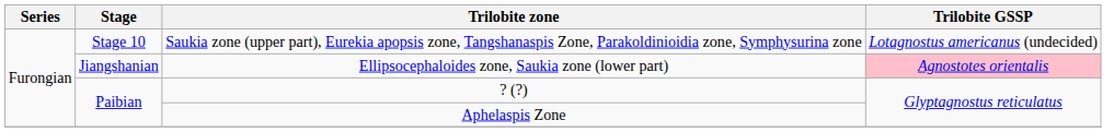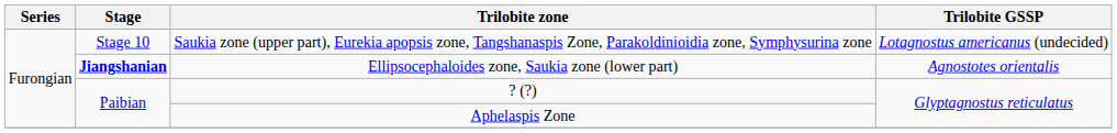 <table class="wikitable" style="text-align:center;">
 <tr>
 <th>Series</th>
 <th>Stage</th>
 <th>Trilobite zone</th>
 <th>Trilobite GSSP</th>
 </tr>
 <tr>
 <td rowspan=4 style="background-color:">Furongian</td>
 <td style="background-color:"><a href='#'>Stage 10</a></td>
 <td><a href='#'>Saukia</a> zone (upper part), <a href='#'>Eurekia apopsis</a> zone, <a href='#'>Tangshanaspis</a> Zone, <a href='#'>Parakoldinioidia</a> zone, <a href='#'>Symphysurina</a> zone</td>
 <td><em><a href='#'>Lotagnostus americanus</a></em> (undecided)</td>
 </tr>
 <tr>
-<td style="background-color:"><a href='#'>Jiangshanian</a></td>
+<td style="background-color:"><strong><a href='#'>Jiangshanian</a></strong></td>
 <td><a href='#'>Ellipsocephaloides</a> zone, <a href='#'>Saukia</a> zone (lower part)</td>
-<td style="background: pink;"><em><a href='#'>Agnostotes orientalis</a></em></td>
+<td><em><a href='#'>Agnostotes orientalis</a></em></td>
 </tr>
 <tr>
 <td rowspan=2 style="background-color:"><a href='#'>Paibian</a></td>
 <td>? (?)</td>
 <td rowspan=2><em><a href='#'>Glyptagnostus reticulatus</a></em></td>
 </tr>
 <tr>
 <td><a href='#'>Aphelaspis</a> Zone</td>
 </tr>
 <tr>
 </tr>
 </table>
